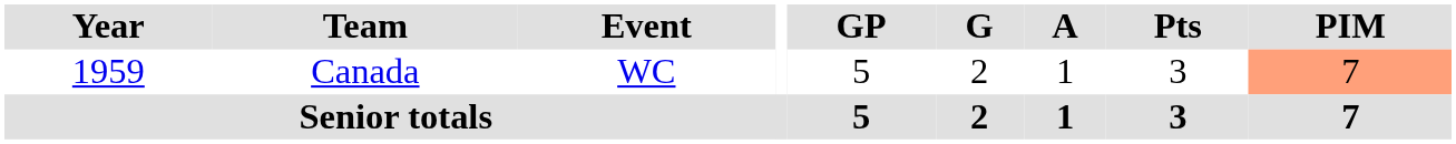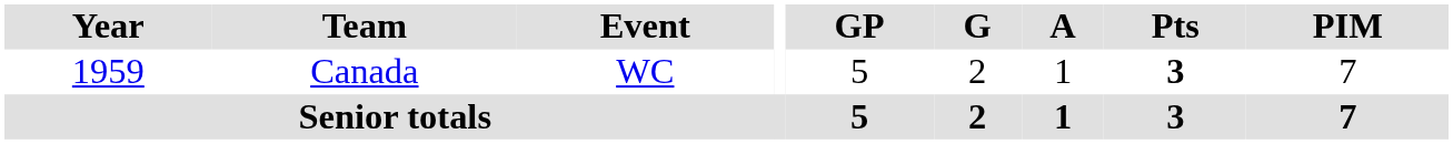 <table border="0" cellpadding="1" cellspacing="0" ID="Table3" style="text-align:center; width:40em">
 <tr bgcolor="#e0e0e0">
 <th>Year</th>
 <th>Team</th>
 <th>Event</th>
 <th rowspan="102" bgcolor="#ffffff"></th>
 <th>GP</th>
 <th>G</th>
 <th>A</th>
 <th>Pts</th>
 <th>PIM</th>
 </tr>
 <tr>
 <td><a href='#'>1959</a></td>
 <td><a href='#'>Canada</a></td>
 <td><a href='#'>WC</a></td>
 <td>5</td>
 <td>2</td>
 <td>1</td>
-<td>3</td>
-<td style="background: lightsalmon;">7</td>
+<td><strong>3</strong></td>
+<td>7</td>
 </tr>
 <tr bgcolor="#e0e0e0">
 <th colspan="4">Senior totals</th>
 <th>5</th>
 <th>2</th>
 <th>1</th>
 <th>3</th>
 <th>7</th>
 </tr>
 </table>
